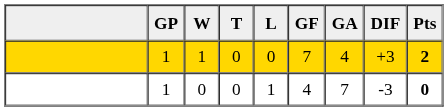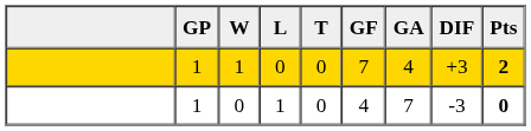 <table border=1 cellpadding=5 cellspacing=0>
 <tr>
 <th bgcolor="#efefef" width="120">　</th>
 <th bgcolor="#efefef" width="20">GP</th>
 <th bgcolor="#efefef" width="20">W</th>
+<th bgcolor="#efefef" width="20">L</th>
 <th bgcolor="#efefef" width="20">T</th>
-<th bgcolor="#efefef" width="20">L</th>
 <th bgcolor="#efefef" width="20">GF</th>
 <th bgcolor="#efefef" width="20">GA</th>
 <th bgcolor="#efefef" width="20">DIF</th>
 <th bgcolor="#efefef" width="20">Pts</th>
 </tr>
 <tr align=center bgcolor= gold>
 <td align=left></td>
 <td>1</td>
 <td>1</td>
 <td>0</td>
 <td>0</td>
 <td>7</td>
 <td>4</td>
 <td>+3</td>
 <td><strong>2</strong></td>
 </tr>
 <tr align=center>
 <td align=left></td>
 <td>1</td>
 <td>0</td>
+<td>1</td>
 <td>0</td>
-<td>1</td>
 <td>4</td>
 <td>7</td>
 <td>-3</td>
 <td><strong>0</strong></td>
 </tr>
 </table>
